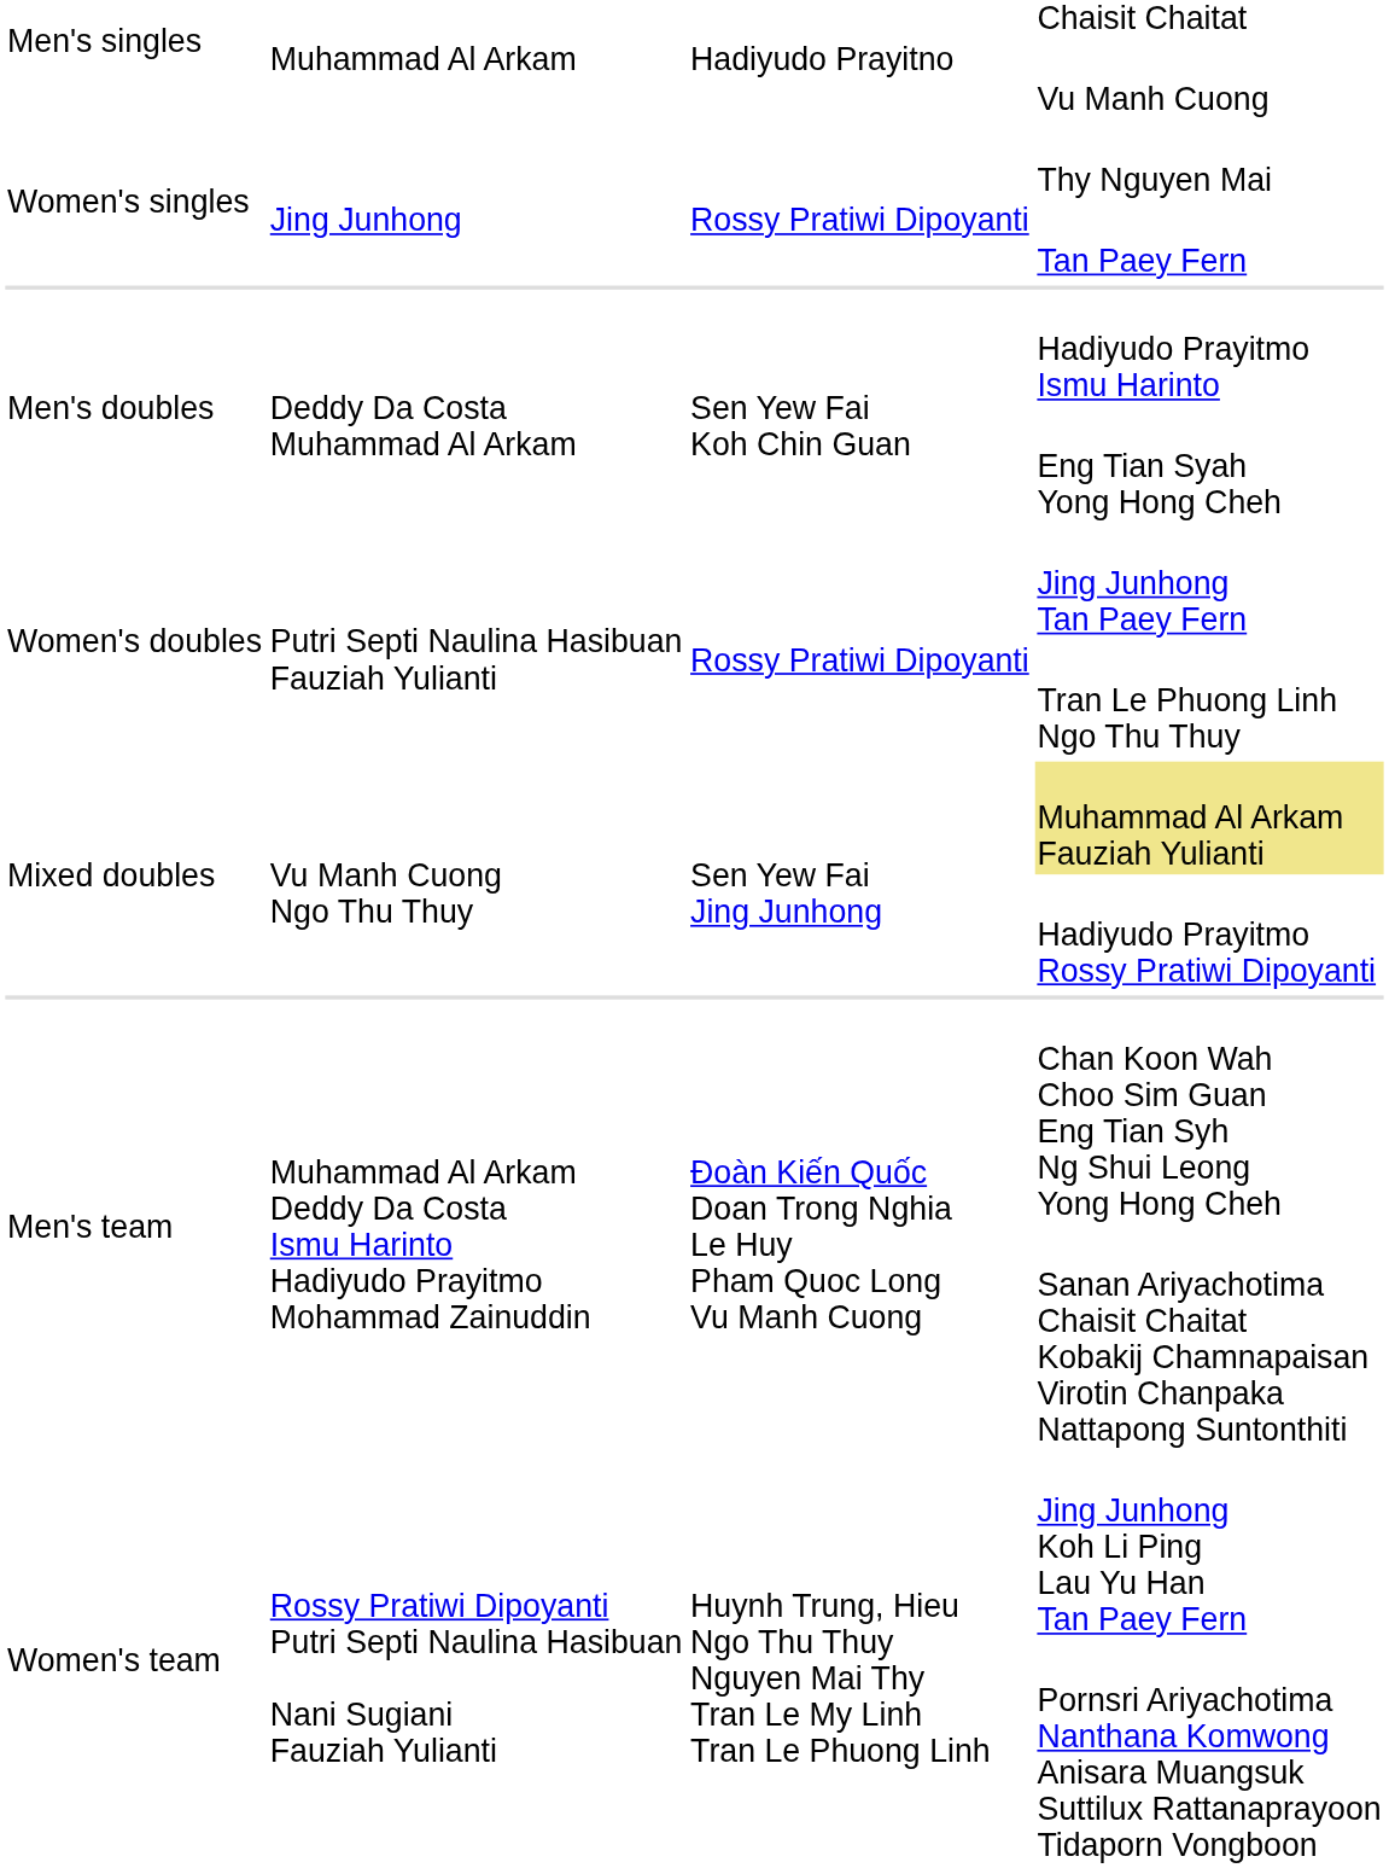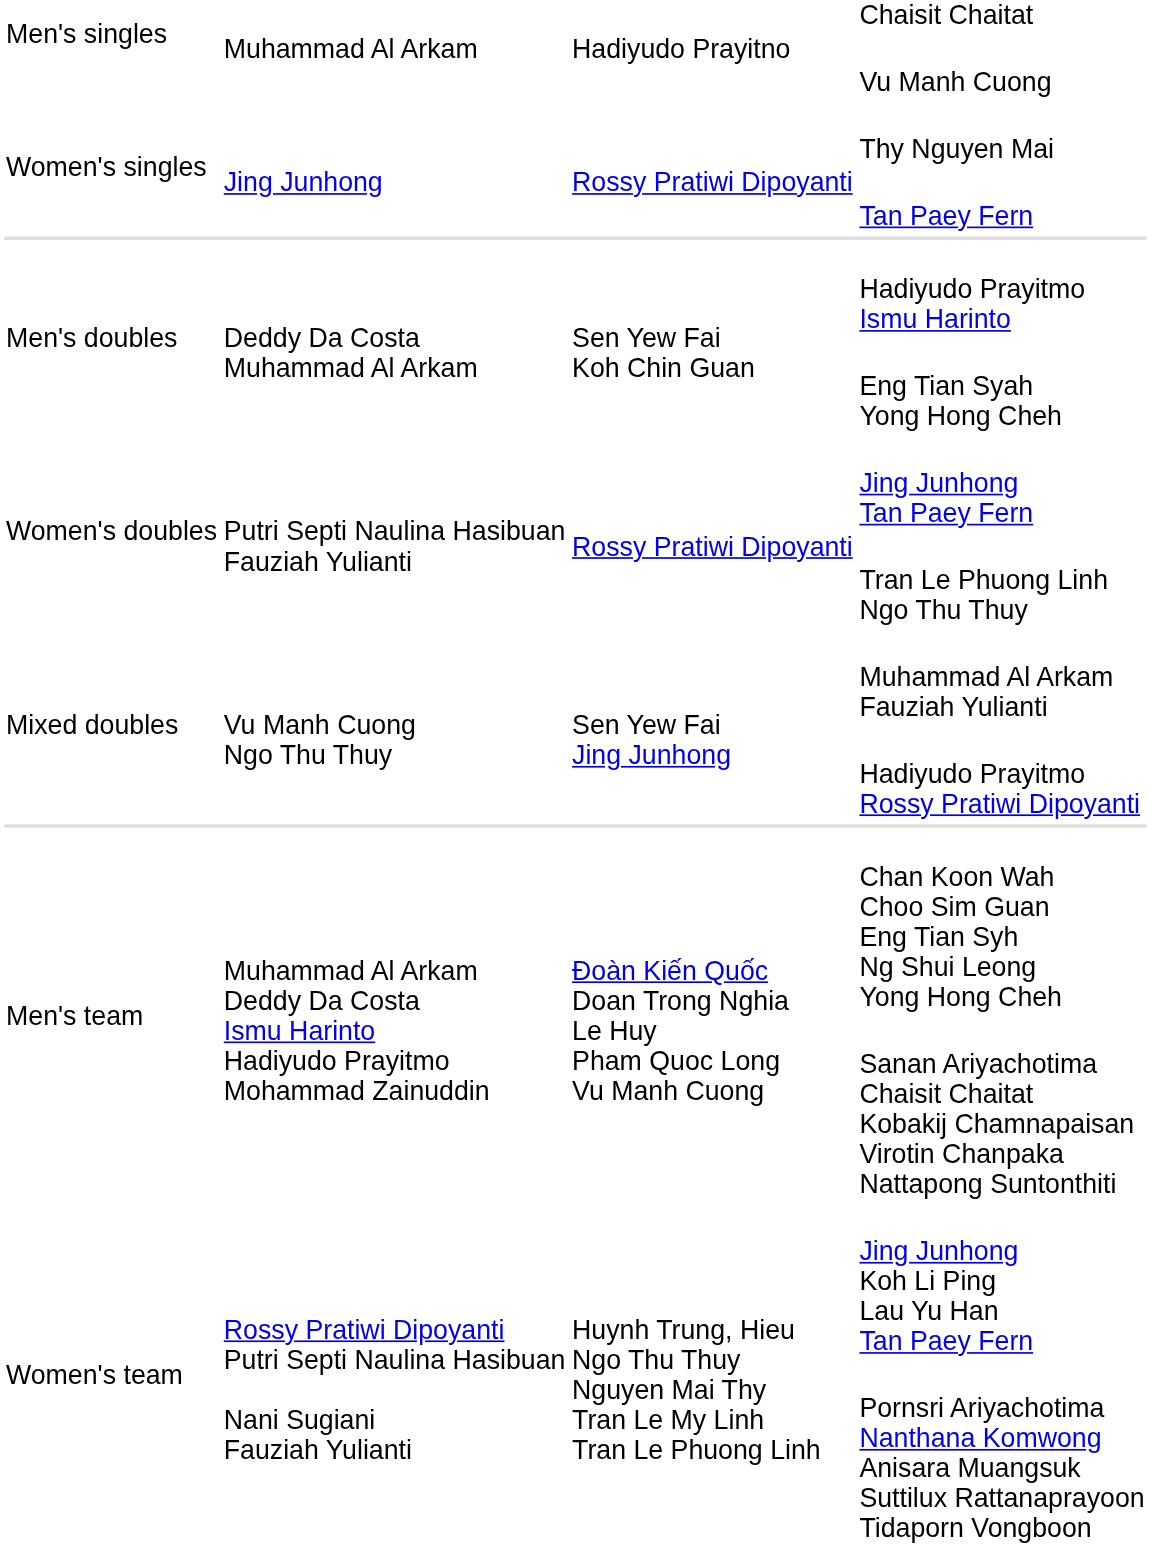 <table>
 <tr>
 <td rowspan=2>Men's singles</td>
 <td rowspan=2> <br> Muhammad Al Arkam</td>
 <td rowspan=2> <br> Hadiyudo Prayitno</td>
 <td> <br> Chaisit Chaitat</td>
 </tr>
 <tr>
 <td> <br> Vu Manh Cuong</td>
 </tr>
 <tr>
 <td rowspan=2>Women's singles</td>
 <td rowspan=2> <br> <a href='#'>Jing Junhong</a></td>
 <td rowspan=2> <br> <a href='#'>Rossy Pratiwi Dipoyanti</a></td>
 <td> <br> Thy Nguyen Mai</td>
 </tr>
 <tr>
 <td> <br> <a href='#'>Tan Paey Fern</a></td>
 </tr>
 <tr bgcolor=#dddddd>
 <td colspan="4"></td>
 </tr>
 <tr>
 <td rowspan=2>Men's doubles</td>
 <td rowspan=2><br>Deddy Da Costa<br>Muhammad Al Arkam</td>
 <td rowspan=2><br>Sen Yew Fai<br>Koh Chin Guan</td>
 <td><br>Hadiyudo Prayitmo<br><a href='#'>Ismu Harinto</a></td>
 </tr>
 <tr>
 <td><br>Eng Tian Syah<br>Yong Hong Cheh</td>
 </tr>
 <tr>
 <td rowspan=2>Women's doubles</td>
 <td rowspan=2><br>Putri Septi Naulina Hasibuan<br>Fauziah Yulianti</td>
 <td rowspan=2><br><a href='#'>Rossy Pratiwi Dipoyanti</a><br></td>
 <td><br><a href='#'>Jing Junhong</a><br><a href='#'>Tan Paey Fern</a></td>
 </tr>
 <tr>
 <td><br>Tran Le Phuong Linh<br>Ngo Thu Thuy</td>
 </tr>
 <tr>
 <td rowspan=2>Mixed doubles</td>
 <td rowspan=2><br>Vu Manh Cuong<br>Ngo Thu Thuy</td>
 <td rowspan=2><br>Sen Yew Fai<br><a href='#'>Jing Junhong</a></td>
-<td style="background: khaki;"><br>Muhammad Al Arkam<br>Fauziah Yulianti</td>
+<td><br>Muhammad Al Arkam<br>Fauziah Yulianti</td>
 </tr>
 <tr>
 <td><br>Hadiyudo Prayitmo<br><a href='#'>Rossy Pratiwi Dipoyanti</a></td>
 </tr>
 <tr bgcolor=#dddddd>
 <td colspan="4"></td>
 </tr>
 <tr>
 <td rowspan=2>Men's team</td>
 <td rowspan=2><br>Muhammad Al Arkam<br>Deddy Da Costa<br><a href='#'>Ismu Harinto</a><br>Hadiyudo Prayitmo<br>Mohammad Zainuddin</td>
 <td rowspan=2><br><a href='#'>Đoàn Kiến Quốc</a><br>Doan Trong Nghia<br>Le Huy<br>Pham Quoc Long<br>Vu Manh Cuong</td>
 <td><br>Chan Koon Wah<br>Choo Sim Guan<br>Eng Tian Syh<br>Ng Shui Leong<br>Yong Hong Cheh</td>
 </tr>
 <tr>
 <td><br>Sanan Ariyachotima<br>Chaisit Chaitat<br>Kobakij Chamnapaisan<br>Virotin Chanpaka<br>Nattapong Suntonthiti</td>
 </tr>
 <tr>
 <td rowspan=2>Women's team</td>
 <td rowspan=2><br><a href='#'>Rossy Pratiwi Dipoyanti</a><br>Putri Septi Naulina Hasibuan<br><br>Nani Sugiani<br>Fauziah Yulianti</td>
 <td rowspan=2><br>Huynh Trung, Hieu<br>Ngo Thu Thuy<br>Nguyen Mai Thy<br>Tran Le My Linh<br>Tran Le Phuong Linh</td>
 <td><br><a href='#'>Jing Junhong</a><br>Koh Li Ping<br>Lau Yu Han<br><a href='#'>Tan Paey Fern</a></td>
 </tr>
 <tr>
 <td><br>Pornsri Ariyachotima<br><a href='#'>Nanthana Komwong</a><br>Anisara Muangsuk<br>Suttilux Rattanaprayoon<br>Tidaporn Vongboon</td>
 </tr>
 </table>
